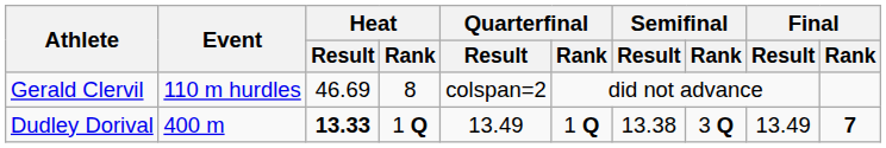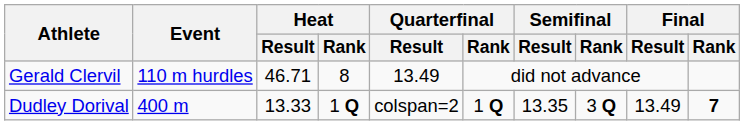 <table class="wikitable" style="font-size:90%">
 <tr>
 <th rowspan="2">Athlete</th>
 <th rowspan="2">Event</th>
 <th colspan="2">Heat</th>
 <th colspan="2">Quarterfinal</th>
 <th colspan="2">Semifinal</th>
 <th colspan="2">Final</th>
 </tr>
 <tr style="font-size:95%">
 <th>Result</th>
 <th>Rank</th>
 <th>Result</th>
 <th>Rank</th>
 <th>Result</th>
 <th>Rank</th>
 <th>Result</th>
 <th>Rank</th>
 </tr>
 <tr align=center>
 <td align=left><a href='#'>Gerald Clervil</a></td>
 <td align=left><a href='#'>110 m hurdles</a></td>
-<td>46.69</td>
+<td>46.71</td>
 <td>8</td>
-<td>colspan=2 </td>
+<td>13.49</td>
 <td colspan=4>did not advance</td>
 </tr>
 <tr align=center>
 <td align=left><a href='#'>Dudley Dorival</a></td>
 <td align=left><a href='#'>400 m</a></td>
-<td><strong>13.33</strong></td>
+<td>13.33</td>
 <td>1 <strong>Q</strong></td>
-<td>13.49</td>
+<td>colspan=2 </td>
 <td>1 <strong>Q</strong></td>
-<td>13.38</td>
+<td>13.35</td>
 <td>3 <strong>Q</strong></td>
 <td>13.49</td>
 <td><strong>7</strong></td>
 </tr>
 </table>
